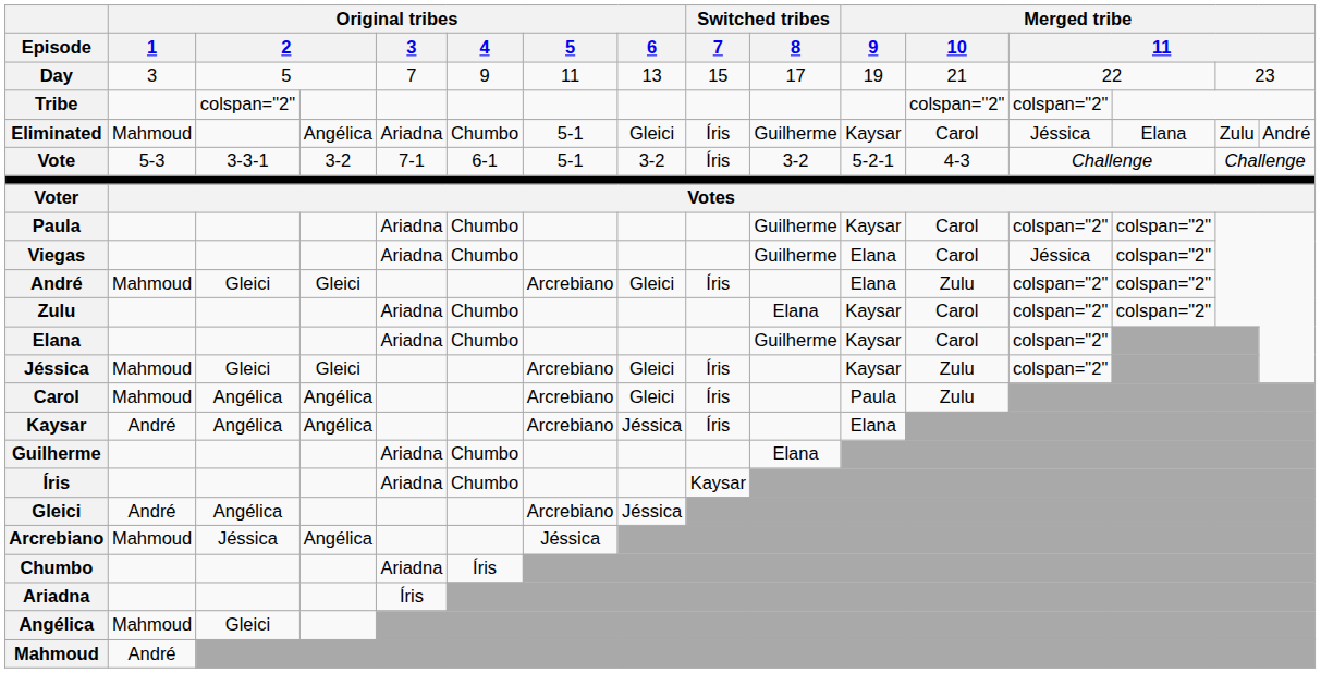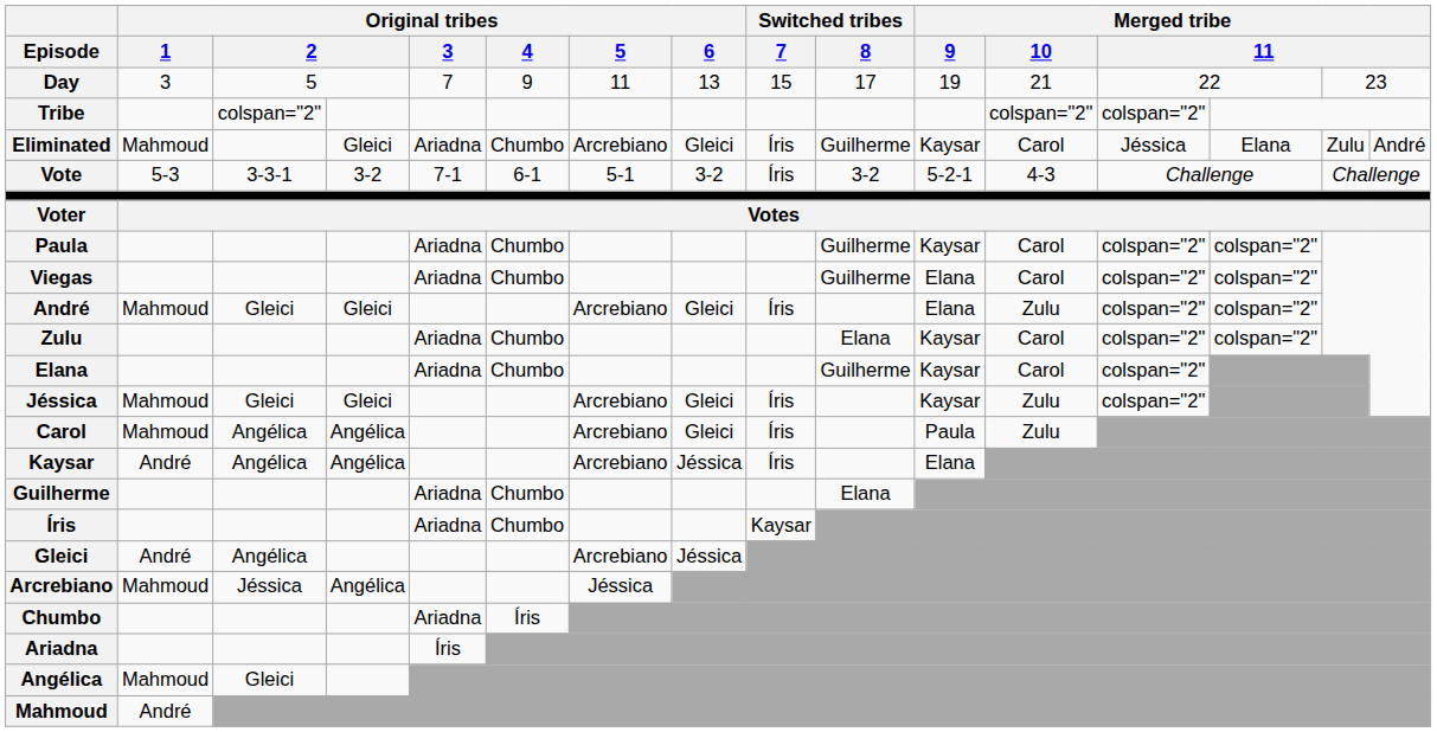 <table class="wikitable" style="text-align:center">
 <tr>
 <th></th>
 <th colspan="7">Original tribes</th>
 <th colspan="2">Switched tribes</th>
 <th colspan="6">Merged tribe</th>
 </tr>
 <tr>
 <th>Episode</th>
 <th><a href='#'>1</a></th>
 <th colspan="2"><a href='#'>2</a></th>
 <th><a href='#'>3</a></th>
 <th><a href='#'>4</a></th>
 <th><a href='#'>5</a></th>
 <th><a href='#'>6</a></th>
 <th><a href='#'>7</a></th>
 <th><a href='#'>8</a></th>
 <th><a href='#'>9</a></th>
 <th><a href='#'>10</a></th>
 <th colspan="4"><a href='#'>11</a></th>
 </tr>
 <tr>
 <th>Day</th>
 <td>3</td>
 <td colspan="2">5</td>
 <td>7</td>
 <td>9</td>
 <td>11</td>
 <td>13</td>
 <td>15</td>
 <td>17</td>
 <td>19</td>
 <td>21</td>
 <td colspan="2">22</td>
 <td colspan="2">23</td>
 </tr>
 <tr>
 <th>Tribe</th>
 <td></td>
 <td>colspan="2" </td>
 <td></td>
 <td></td>
 <td></td>
 <td></td>
 <td></td>
 <td></td>
 <td></td>
 <td></td>
 <td>colspan="2" </td>
 <td>colspan="2" </td>
 </tr>
 <tr>
 <th>Eliminated</th>
 <td>Mahmoud</td>
 <td></td>
-<td>Angélica</td>
+<td>Gleici</td>
 <td>Ariadna</td>
 <td>Chumbo</td>
-<td>5-1</td>
+<td>Arcrebiano</td>
 <td>Gleici</td>
 <td>Íris</td>
 <td>Guilherme</td>
 <td>Kaysar</td>
 <td>Carol</td>
 <td>Jéssica</td>
 <td>Elana</td>
 <td>Zulu</td>
 <td>André</td>
 </tr>
 <tr>
 <th>Vote</th>
 <td>5-3</td>
 <td>3-3-1</td>
 <td>3-2</td>
 <td>7-1</td>
 <td>6-1</td>
 <td>5-1</td>
 <td>3-2</td>
 <td>Íris</td>
 <td>3-2</td>
 <td>5-2-1</td>
 <td>4-3</td>
 <td colspan="2"><em>Challenge</em></td>
 <td colspan="2"><em>Challenge</em></td>
 </tr>
 <tr>
 <td bgcolor="black" colspan="16"></td>
 </tr>
 <tr>
 <th>Voter</th>
 <th colspan="15">Votes</th>
 </tr>
 <tr>
 <th>Paula</th>
 <td></td>
 <td></td>
 <td></td>
 <td>Ariadna</td>
 <td>Chumbo</td>
 <td></td>
 <td></td>
 <td></td>
 <td>Guilherme</td>
 <td>Kaysar</td>
 <td>Carol</td>
 <td>colspan="2" </td>
 <td>colspan="2" </td>
 </tr>
 <tr>
 <th>Viegas</th>
 <td></td>
 <td></td>
 <td></td>
 <td>Ariadna</td>
 <td>Chumbo</td>
 <td></td>
 <td></td>
 <td></td>
 <td>Guilherme</td>
 <td>Elana</td>
 <td>Carol</td>
-<td>Jéssica</td>
+<td>colspan="2" </td>
 <td>colspan="2" </td>
 </tr>
 <tr>
 <th>André</th>
 <td>Mahmoud</td>
 <td>Gleici</td>
 <td>Gleici</td>
 <td></td>
 <td></td>
 <td>Arcrebiano</td>
 <td>Gleici</td>
 <td>Íris</td>
 <td></td>
 <td>Elana</td>
 <td>Zulu</td>
 <td>colspan="2" </td>
 <td>colspan="2" </td>
 </tr>
 <tr>
 <th>Zulu</th>
 <td></td>
 <td></td>
 <td></td>
 <td>Ariadna</td>
 <td>Chumbo</td>
 <td></td>
 <td></td>
 <td></td>
 <td>Elana</td>
 <td>Kaysar</td>
 <td>Carol</td>
 <td>colspan="2" </td>
 <td>colspan="2" </td>
 </tr>
 <tr>
 <th>Elana</th>
 <td></td>
 <td></td>
 <td></td>
 <td>Ariadna</td>
 <td>Chumbo</td>
 <td></td>
 <td></td>
 <td></td>
 <td>Guilherme</td>
 <td>Kaysar</td>
 <td>Carol</td>
 <td>colspan="2" </td>
 <td colspan="2" bgcolor="darkgrey"></td>
 </tr>
 <tr>
 <th>Jéssica</th>
 <td>Mahmoud</td>
 <td>Gleici</td>
 <td>Gleici</td>
 <td></td>
 <td></td>
 <td>Arcrebiano</td>
 <td>Gleici</td>
 <td>Íris</td>
 <td></td>
 <td>Kaysar</td>
 <td>Zulu</td>
 <td>colspan="2" </td>
 <td colspan="2" bgcolor="darkgrey"></td>
 </tr>
 <tr>
 <th>Carol</th>
 <td>Mahmoud</td>
 <td>Angélica</td>
 <td>Angélica</td>
 <td></td>
 <td></td>
 <td>Arcrebiano</td>
 <td>Gleici</td>
 <td>Íris</td>
 <td></td>
 <td>Paula</td>
 <td>Zulu</td>
 <td colspan="4" bgcolor="darkgrey"></td>
 </tr>
 <tr>
 <th>Kaysar</th>
 <td>André</td>
 <td>Angélica</td>
 <td>Angélica</td>
 <td></td>
 <td></td>
 <td>Arcrebiano</td>
 <td>Jéssica</td>
 <td>Íris</td>
 <td></td>
 <td>Elana</td>
 <td colspan="5" bgcolor="darkgrey"></td>
 </tr>
 <tr>
 <th>Guilherme</th>
 <td></td>
 <td></td>
 <td></td>
 <td>Ariadna</td>
 <td>Chumbo</td>
 <td></td>
 <td></td>
 <td></td>
 <td>Elana</td>
 <td colspan="6" bgcolor="darkgrey"></td>
 </tr>
 <tr>
 <th>Íris</th>
 <td></td>
 <td></td>
 <td></td>
 <td>Ariadna</td>
 <td>Chumbo</td>
 <td></td>
 <td></td>
 <td>Kaysar</td>
 <td colspan="7" bgcolor="darkgrey"></td>
 </tr>
 <tr>
 <th>Gleici</th>
 <td>André</td>
 <td>Angélica</td>
 <td></td>
 <td></td>
 <td></td>
 <td>Arcrebiano</td>
 <td>Jéssica</td>
 <td colspan="8" bgcolor="darkgrey"></td>
 </tr>
 <tr>
 <th>Arcrebiano</th>
 <td>Mahmoud</td>
 <td>Jéssica</td>
 <td>Angélica</td>
 <td></td>
 <td></td>
 <td>Jéssica</td>
 <td colspan="9" bgcolor="darkgrey"></td>
 </tr>
 <tr>
 <th>Chumbo</th>
 <td></td>
 <td></td>
 <td></td>
 <td>Ariadna</td>
 <td>Íris</td>
 <td colspan="10" bgcolor="darkgrey"></td>
 </tr>
 <tr>
 <th>Ariadna</th>
 <td></td>
 <td></td>
 <td></td>
 <td>Íris</td>
 <td colspan="11" bgcolor="darkgrey"></td>
 </tr>
 <tr>
 <th>Angélica</th>
 <td>Mahmoud</td>
 <td>Gleici</td>
 <td></td>
 <td colspan="12" bgcolor="darkgrey"></td>
 </tr>
 <tr>
 <th>Mahmoud</th>
 <td>André</td>
 <td colspan="14" bgcolor="darkgrey"></td>
 </tr>
 </table>
